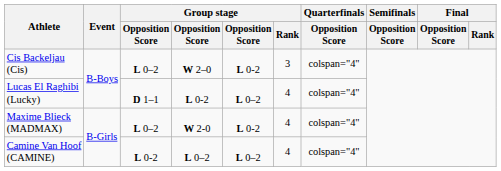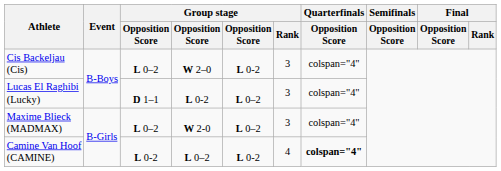 <table class=wikitable style="font-size:90%; text-align:center">
 <tr>
 <th rowspan="2">Athlete</th>
 <th rowspan="2">Event</th>
 <th colspan="4">Group stage</th>
 <th>Quarterfinals</th>
 <th>Semifinals</th>
 <th colspan="2">Final</th>
 </tr>
 <tr style="font-size:95%">
 <th>Opposition<br>Score</th>
 <th>Opposition<br>Score</th>
 <th>Opposition<br>Score</th>
 <th>Rank</th>
 <th>Opposition<br>Score</th>
 <th>Opposition<br>Score</th>
 <th>Opposition<br>Score</th>
 <th>Rank</th>
 </tr>
 <tr>
 <td align="left"><a href='#'>Cis Backeljau</a><br>(Cis)</td>
 <td align="left" rowspan="2"><a href='#'>B-Boys</a></td>
 <td><br><strong>L</strong> 0–2</td>
 <td><br><strong>W</strong> 2–0</td>
 <td><br><strong>L</strong> 0-2</td>
 <td>3</td>
 <td>colspan="4" </td>
 </tr>
 <tr>
 <td align="left"><a href='#'>Lucas El Raghibi</a><br>(Lucky)</td>
 <td><br><strong>D</strong> 1–1</td>
 <td><br><strong>L</strong> 0-2</td>
 <td><br><strong>L</strong> 0–2</td>
-<td>4</td>
+<td>3</td>
 <td>colspan="4" </td>
 </tr>
 <tr>
 <td align="left"><a href='#'>Maxime Blieck</a><br>(MADMAX)</td>
 <td align="left" rowspan="2"><a href='#'>B-Girls</a></td>
 <td><br><strong>L</strong> 0–2</td>
 <td><br><strong>W</strong> 2-0</td>
-<td><br><strong>L</strong> 0-2</td>
-<td>4</td>
+<td><br><strong>L</strong> 0–2</td>
+<td>3</td>
 <td>colspan="4" </td>
 </tr>
 <tr>
 <td align="left"><a href='#'>Camine Van Hoof</a><br>(CAMINE)</td>
 <td><br><strong>L</strong> 0-2</td>
 <td><br><strong>L</strong> 0–2</td>
-<td><br><strong>L</strong> 0–2</td>
+<td><br><strong>L</strong> 0-2</td>
 <td>4</td>
-<td>colspan="4" </td>
+<td><strong>colspan="4" </strong></td>
 </tr>
 </table>
